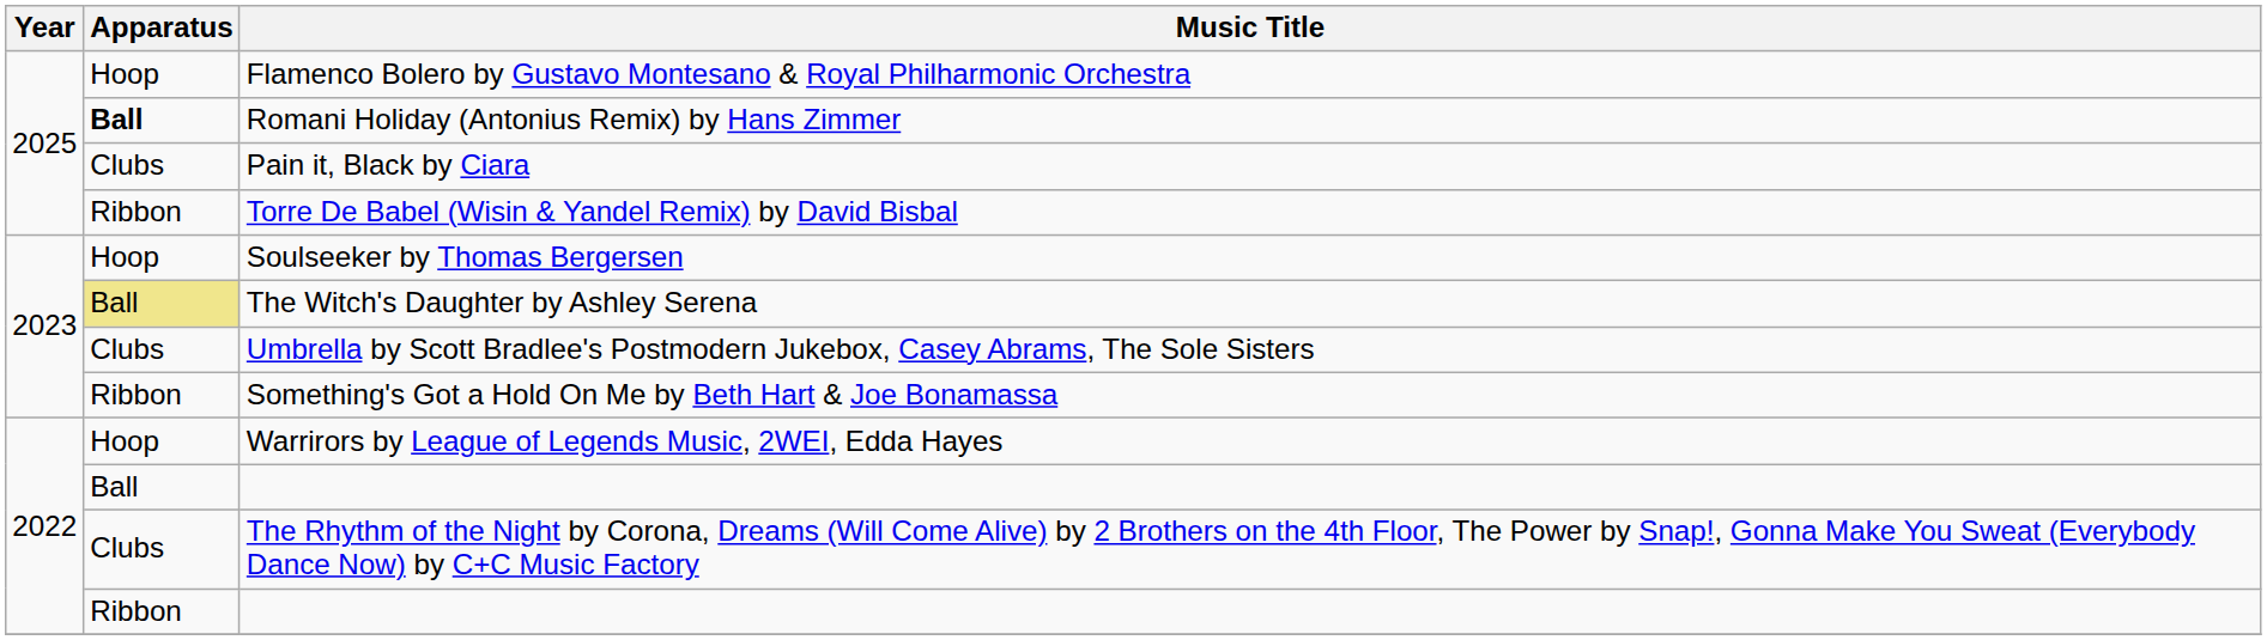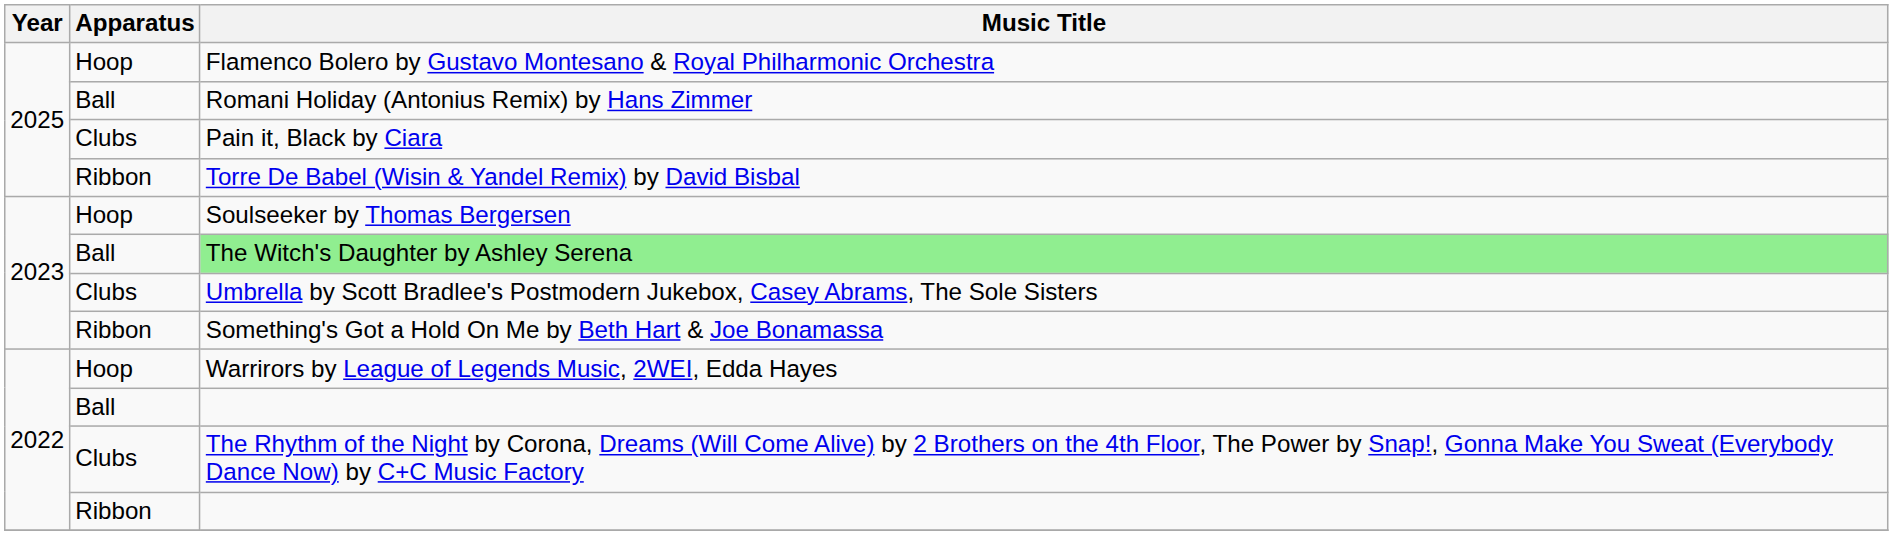 <table class="wikitable">
 <tr>
 <th>Year</th>
 <th>Apparatus</th>
 <th>Music Title</th>
 </tr>
 <tr>
 <td rowspan="4">2025</td>
 <td>Hoop</td>
 <td>Flamenco Bolero by <a href='#'>Gustavo Montesano</a> & <a href='#'>Royal Philharmonic Orchestra</a></td>
 </tr>
 <tr>
-<td><strong>Ball</strong></td>
+<td>Ball</td>
 <td>Romani Holiday (Antonius Remix) by <a href='#'>Hans Zimmer</a></td>
 </tr>
 <tr>
 <td>Clubs</td>
 <td>Pain it, Black by <a href='#'>Ciara</a></td>
 </tr>
 <tr>
 <td>Ribbon</td>
 <td><a href='#'>Torre De Babel (Wisin & Yandel Remix)</a> by <a href='#'>David Bisbal</a></td>
 </tr>
 <tr>
 <td rowspan="4">2023</td>
 <td>Hoop</td>
 <td>Soulseeker by <a href='#'>Thomas Bergersen</a></td>
 </tr>
 <tr>
-<td style="background: khaki;">Ball</td>
-<td>The Witch's Daughter by Ashley Serena</td>
+<td>Ball</td>
+<td style="background: lightgreen;">The Witch's Daughter by Ashley Serena</td>
 </tr>
 <tr>
 <td>Clubs</td>
 <td><a href='#'>Umbrella</a> by Scott Bradlee's Postmodern Jukebox, <a href='#'>Casey Abrams</a>, The Sole Sisters</td>
 </tr>
 <tr>
 <td>Ribbon</td>
 <td>Something's Got a Hold On Me by <a href='#'>Beth Hart</a> & <a href='#'>Joe Bonamassa</a></td>
 </tr>
 <tr>
 <td rowspan="4">2022</td>
 <td>Hoop</td>
 <td>Warrirors by <a href='#'>League of Legends Music</a>, <a href='#'>2WEI</a>, Edda Hayes</td>
 </tr>
 <tr>
 <td>Ball</td>
 <td></td>
 </tr>
 <tr>
 <td>Clubs</td>
 <td><a href='#'>The Rhythm of the Night</a> by Corona, <a href='#'>Dreams (Will Come Alive)</a> by <a href='#'>2 Brothers on the 4th Floor</a>, The Power by <a href='#'>Snap!</a>, <a href='#'>Gonna Make You Sweat (Everybody Dance Now)</a> by <a href='#'>C+C Music Factory</a></td>
 </tr>
 <tr>
 <td>Ribbon</td>
 <td></td>
 </tr>
 <tr>
 </tr>
 </table>
